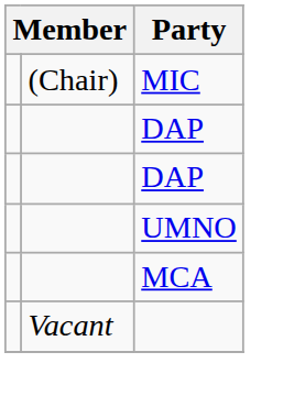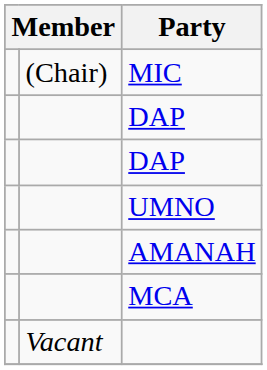 <table class="sortable wikitable">
 <tr>
 <th colspan="2" valign="top">Member</th>
 <th valign="top">Party</th>
 </tr>
 <tr>
 <td></td>
 <td> (Chair)</td>
 <td><a href='#'>MIC</a></td>
 </tr>
 <tr>
 <td></td>
 <td></td>
 <td><a href='#'>DAP</a></td>
 </tr>
 <tr>
 <td></td>
 <td></td>
 <td><a href='#'>DAP</a></td>
 </tr>
 <tr>
 <td></td>
 <td></td>
 <td><a href='#'>UMNO</a></td>
 </tr>
 <tr>
 <td></td>
 <td></td>
+<td><a href='#'>AMANAH</a></td>
+</tr>
+<tr>
+<td></td>
+<td></td>
 <td><a href='#'>MCA</a></td>
 </tr>
 <tr>
 <td></td>
 <td><em>Vacant</em></td>
 <td></td>
 </tr>
 <tr>
 </tr>
 </table>
